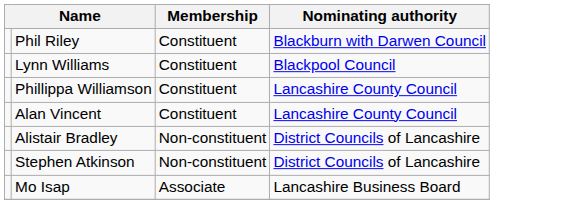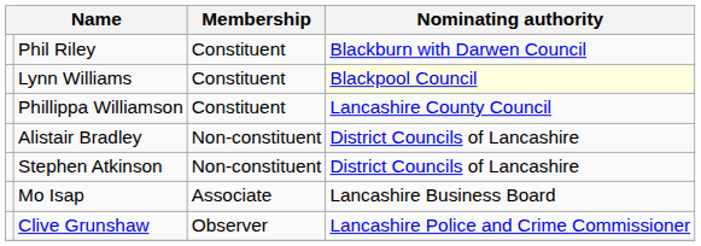 <table class="wikitable sortable">
 <tr>
 <th colspan=2>Name</th>
 <th>Membership</th>
 <th>Nominating authority</th>
 </tr>
 <tr>
 <td style="background:"></td>
 <td>Phil Riley</td>
 <td>Constituent</td>
 <td><a href='#'>Blackburn with Darwen Council</a></td>
 </tr>
 <tr>
 <td style="background:"></td>
 <td>Lynn Williams</td>
 <td>Constituent</td>
-<td><a href='#'>Blackpool Council</a></td>
+<td style="background: lightyellow;"><a href='#'>Blackpool Council</a></td>
 </tr>
 <tr>
 <td style="background:"></td>
 <td>Phillippa Williamson</td>
-<td>Constituent</td>
-<td><a href='#'>Lancashire County Council</a></td>
-</tr>
-<tr>
-<td style="background:"></td>
-<td>Alan Vincent</td>
 <td>Constituent</td>
 <td><a href='#'>Lancashire County Council</a></td>
 </tr>
 <tr>
 <td style="background:"></td>
 <td>Alistair Bradley</td>
 <td>Non-constituent</td>
 <td><a href='#'>District Councils</a> of Lancashire</td>
 </tr>
 <tr>
 <td style="background:"></td>
 <td>Stephen Atkinson</td>
 <td>Non-constituent</td>
 <td><a href='#'>District Councils</a> of Lancashire</td>
 </tr>
 <tr>
 <td></td>
 <td>Mo Isap</td>
 <td>Associate</td>
 <td>Lancashire Business Board</td>
 </tr>
 <tr>
+<td style="background:"></td>
+<td><a href='#'>Clive Grunshaw</a></td>
+<td>Observer</td>
+<td><a href='#'>Lancashire Police and Crime Commissioner</a></td>
+</tr>
+<tr>
 </tr>
 </table>
